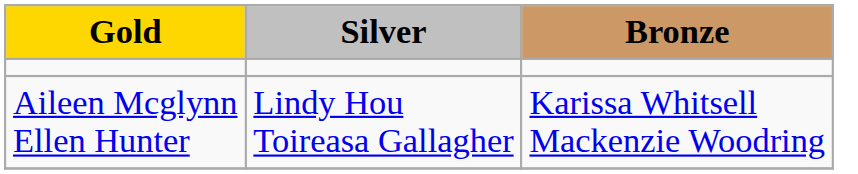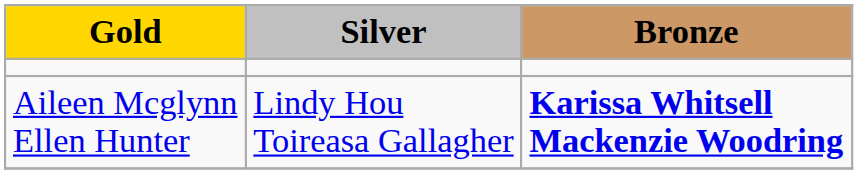 <table class="wikitable">
 <tr align="center">
 <td bgcolor="gold"><strong>Gold</strong></td>
 <td bgcolor="silver"><strong>Silver</strong></td>
 <td bgcolor="CC9966"><strong>Bronze</strong></td>
 </tr>
 <tr valign="top">
 <td></td>
 <td></td>
 <td></td>
 </tr>
 <tr valign="top">
 <td><a href='#'>Aileen Mcglynn</a> <br> <a href='#'>Ellen Hunter</a></td>
 <td><a href='#'>Lindy Hou</a> <br> <a href='#'>Toireasa Gallagher</a></td>
-<td><a href='#'>Karissa Whitsell</a> <br> <a href='#'>Mackenzie Woodring</a></td>
+<td><strong><a href='#'>Karissa Whitsell</a> <br> <a href='#'>Mackenzie Woodring</a></strong></td>
 </tr>
 <tr>
 </tr>
 </table>
